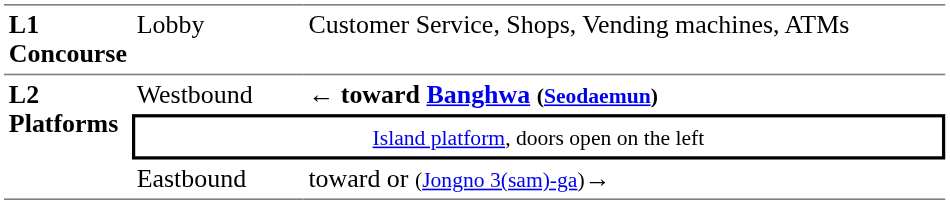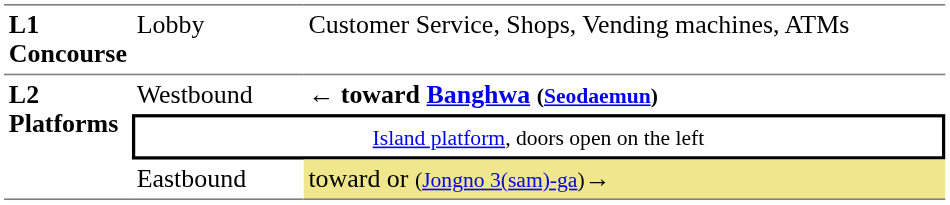 <table table border=0 cellspacing=0 cellpadding=3>
 <tr>
 <td style="border-bottom:solid 1px gray; border-top:solid 1px gray;" valign=top width=50><strong>L1<br>Concourse</strong></td>
 <td style="border-bottom:solid 1px gray; border-top:solid 1px gray;" valign=top width=100>Lobby</td>
 <td style="border-bottom:solid 1px gray; border-top:solid 1px gray;" valign=top width=390>Customer Service, Shops, Vending machines, ATMs</td>
 </tr>
 <tr>
 <td style="border-bottom:solid 1px gray;" rowspan=3 valign=top><strong>L2<br>Platforms</strong></td>
 <td>Westbound</td>
 <td><strong>←  toward <a href='#'>Banghwa</a> <small>(<a href='#'>Seodaemun</a>)</small></strong></td>
 </tr>
 <tr>
 <td style="border-right:solid 2px black;border-left:solid 2px black;border-top:solid 2px black;border-bottom:solid 2px black;text-align:center;" colspan=2><small><a href='#'>Island platform</a>, doors open on the left</small></td>
 </tr>
 <tr>
 <td style="border-bottom:solid 1px gray;">Eastbound</td>
-<td style="border-bottom:solid 1px gray;">  toward  or  <small>(<a href='#'>Jongno 3(sam)-ga</a>)</small>→</td>
+<td style="background: khaki; border-bottom:solid 1px gray;">  toward  or  <small>(<a href='#'>Jongno 3(sam)-ga</a>)</small>→</td>
 </tr>
 </table>
